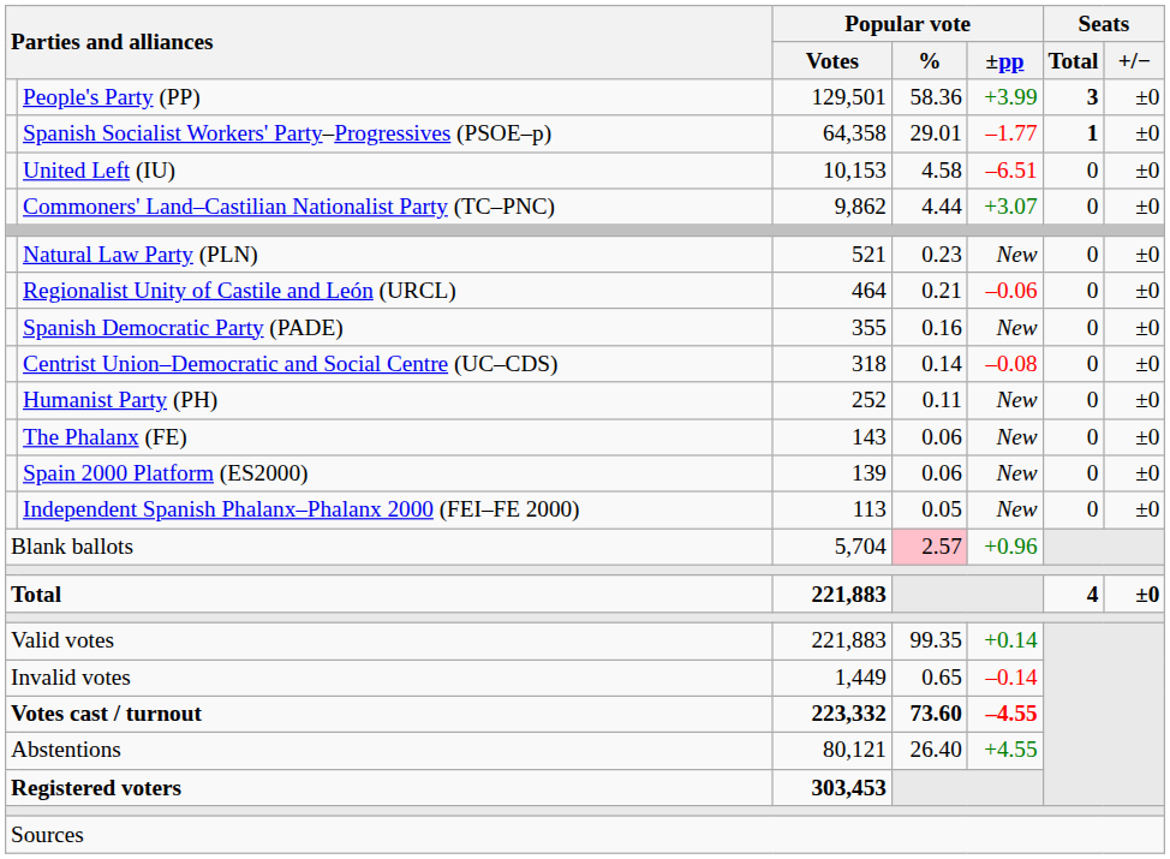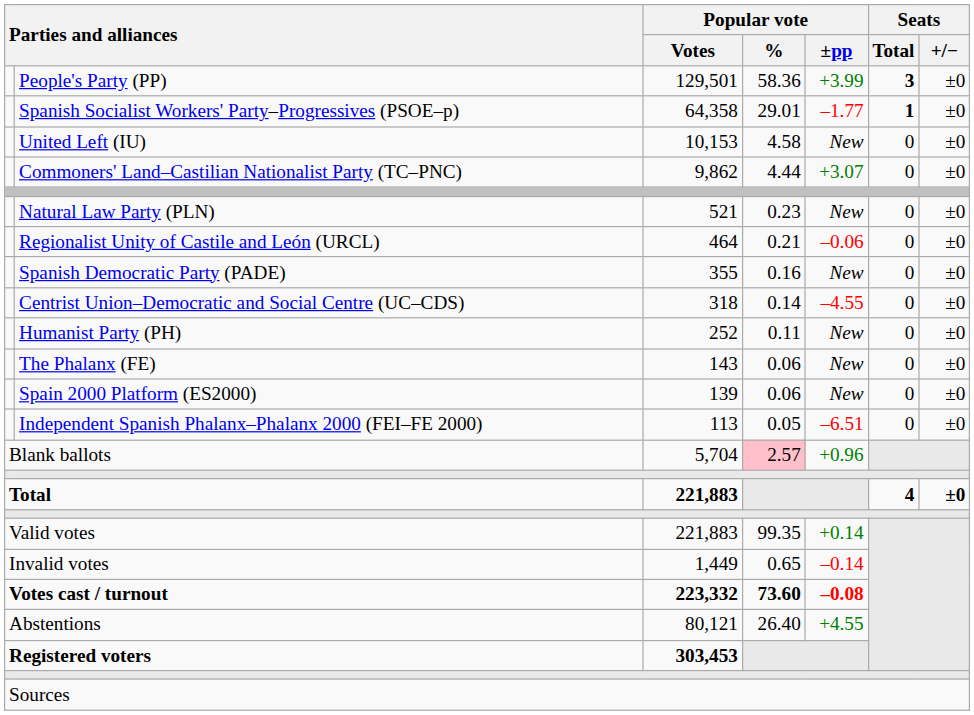 <table class="wikitable" style="text-align:right;">
 <tr>
 <th style="text-align:left;" rowspan="2" colspan="2" width="525">Parties and alliances</th>
 <th colspan="3">Popular vote</th>
 <th colspan="2">Seats</th>
 </tr>
 <tr>
 <th width="75">Votes</th>
 <th width="45">%</th>
 <th width="45">±<a href='#'>pp</a></th>
 <th width="35">Total</th>
 <th width="35">+/−</th>
 </tr>
 <tr>
 <td width="1" style="color:inherit;background:"></td>
 <td align="left"><a href='#'>People's Party</a> (PP)</td>
 <td>129,501</td>
 <td>58.36</td>
 <td style="color:green;">+3.99</td>
 <td><strong>3</strong></td>
 <td>±0</td>
 </tr>
 <tr>
 <td style="color:inherit;background:"></td>
 <td align="left"><a href='#'>Spanish Socialist Workers' Party</a>–<a href='#'>Progressives</a> (PSOE–p)</td>
 <td>64,358</td>
 <td>29.01</td>
 <td style="color:red;">–1.77</td>
 <td><strong>1</strong></td>
 <td>±0</td>
 </tr>
 <tr>
 <td style="color:inherit;background:"></td>
 <td align="left"><a href='#'>United Left</a> (IU)</td>
 <td>10,153</td>
 <td>4.58</td>
-<td style="color:red;">–6.51</td>
+<td><em>New</em></td>
 <td>0</td>
 <td>±0</td>
 </tr>
 <tr>
 <td style="color:inherit;background:"></td>
 <td align="left"><a href='#'>Commoners' Land–Castilian Nationalist Party</a> (TC–PNC)</td>
 <td>9,862</td>
 <td>4.44</td>
 <td style="color:green;">+3.07</td>
 <td>0</td>
 <td>±0</td>
 </tr>
 <tr>
 <td colspan="7" bgcolor="#C0C0C0"></td>
 </tr>
 <tr>
 <td style="color:inherit;background:"></td>
 <td align="left"><a href='#'>Natural Law Party</a> (PLN)</td>
 <td>521</td>
 <td>0.23</td>
 <td><em>New</em></td>
 <td>0</td>
 <td>±0</td>
 </tr>
 <tr>
 <td style="color:inherit;background:"></td>
 <td align="left"><a href='#'>Regionalist Unity of Castile and León</a> (URCL)</td>
 <td>464</td>
 <td>0.21</td>
 <td style="color:red;">–0.06</td>
 <td>0</td>
 <td>±0</td>
 </tr>
 <tr>
 <td style="color:inherit;background:"></td>
 <td align="left"><a href='#'>Spanish Democratic Party</a> (PADE)</td>
 <td>355</td>
 <td>0.16</td>
 <td><em>New</em></td>
 <td>0</td>
 <td>±0</td>
 </tr>
 <tr>
 <td style="color:inherit;background:"></td>
 <td align="left"><a href='#'>Centrist Union–Democratic and Social Centre</a> (UC–CDS)</td>
 <td>318</td>
 <td>0.14</td>
-<td style="color:red;">–0.08</td>
+<td style="color:red;">–4.55</td>
 <td>0</td>
 <td>±0</td>
 </tr>
 <tr>
 <td style="color:inherit;background:"></td>
 <td align="left"><a href='#'>Humanist Party</a> (PH)</td>
 <td>252</td>
 <td>0.11</td>
 <td><em>New</em></td>
 <td>0</td>
 <td>±0</td>
 </tr>
 <tr>
 <td style="color:inherit;background:"></td>
 <td align="left"><a href='#'>The Phalanx</a> (FE)</td>
 <td>143</td>
 <td>0.06</td>
 <td><em>New</em></td>
 <td>0</td>
 <td>±0</td>
 </tr>
 <tr>
 <td style="color:inherit;background:"></td>
 <td align="left"><a href='#'>Spain 2000 Platform</a> (ES2000)</td>
 <td>139</td>
 <td>0.06</td>
 <td><em>New</em></td>
 <td>0</td>
 <td>±0</td>
 </tr>
 <tr>
 <td style="color:inherit;background:"></td>
 <td align="left"><a href='#'>Independent Spanish Phalanx–Phalanx 2000</a> (FEI–FE 2000)</td>
 <td>113</td>
 <td>0.05</td>
-<td><em>New</em></td>
+<td style="color:red;">–6.51</td>
 <td>0</td>
 <td>±0</td>
 </tr>
 <tr>
 <td align="left" colspan="2">Blank ballots</td>
 <td>5,704</td>
 <td style="background: pink;">2.57</td>
 <td style="color:green;">+0.96</td>
 <td bgcolor="#E9E9E9" colspan="2"></td>
 </tr>
 <tr>
 <td colspan="7" bgcolor="#E9E9E9"></td>
 </tr>
 <tr style="font-weight:bold;">
 <td align="left" colspan="2">Total</td>
 <td>221,883</td>
 <td bgcolor="#E9E9E9" colspan="2"></td>
 <td>4</td>
 <td>±0</td>
 </tr>
 <tr>
 <td colspan="7" bgcolor="#E9E9E9"></td>
 </tr>
 <tr>
 <td align="left" colspan="2">Valid votes</td>
 <td>221,883</td>
 <td>99.35</td>
 <td style="color:green;">+0.14</td>
 <td bgcolor="#E9E9E9" colspan="2" rowspan="5"></td>
 </tr>
 <tr>
 <td align="left" colspan="2">Invalid votes</td>
 <td>1,449</td>
 <td>0.65</td>
 <td style="color:red;">–0.14</td>
 </tr>
 <tr style="font-weight:bold;">
 <td align="left" colspan="2">Votes cast / turnout</td>
 <td>223,332</td>
 <td>73.60</td>
-<td style="color:red;">–4.55</td>
+<td style="color:red;">–0.08</td>
 </tr>
 <tr>
 <td align="left" colspan="2">Abstentions</td>
 <td>80,121</td>
 <td>26.40</td>
 <td style="color:green;">+4.55</td>
 </tr>
 <tr style="font-weight:bold;">
 <td align="left" colspan="2">Registered voters</td>
 <td>303,453</td>
 <td bgcolor="#E9E9E9" colspan="2"></td>
 </tr>
 <tr>
 <td colspan="7" bgcolor="#E9E9E9"></td>
 </tr>
 <tr>
 <td align="left" colspan="7">Sources</td>
 </tr>
 </table>
